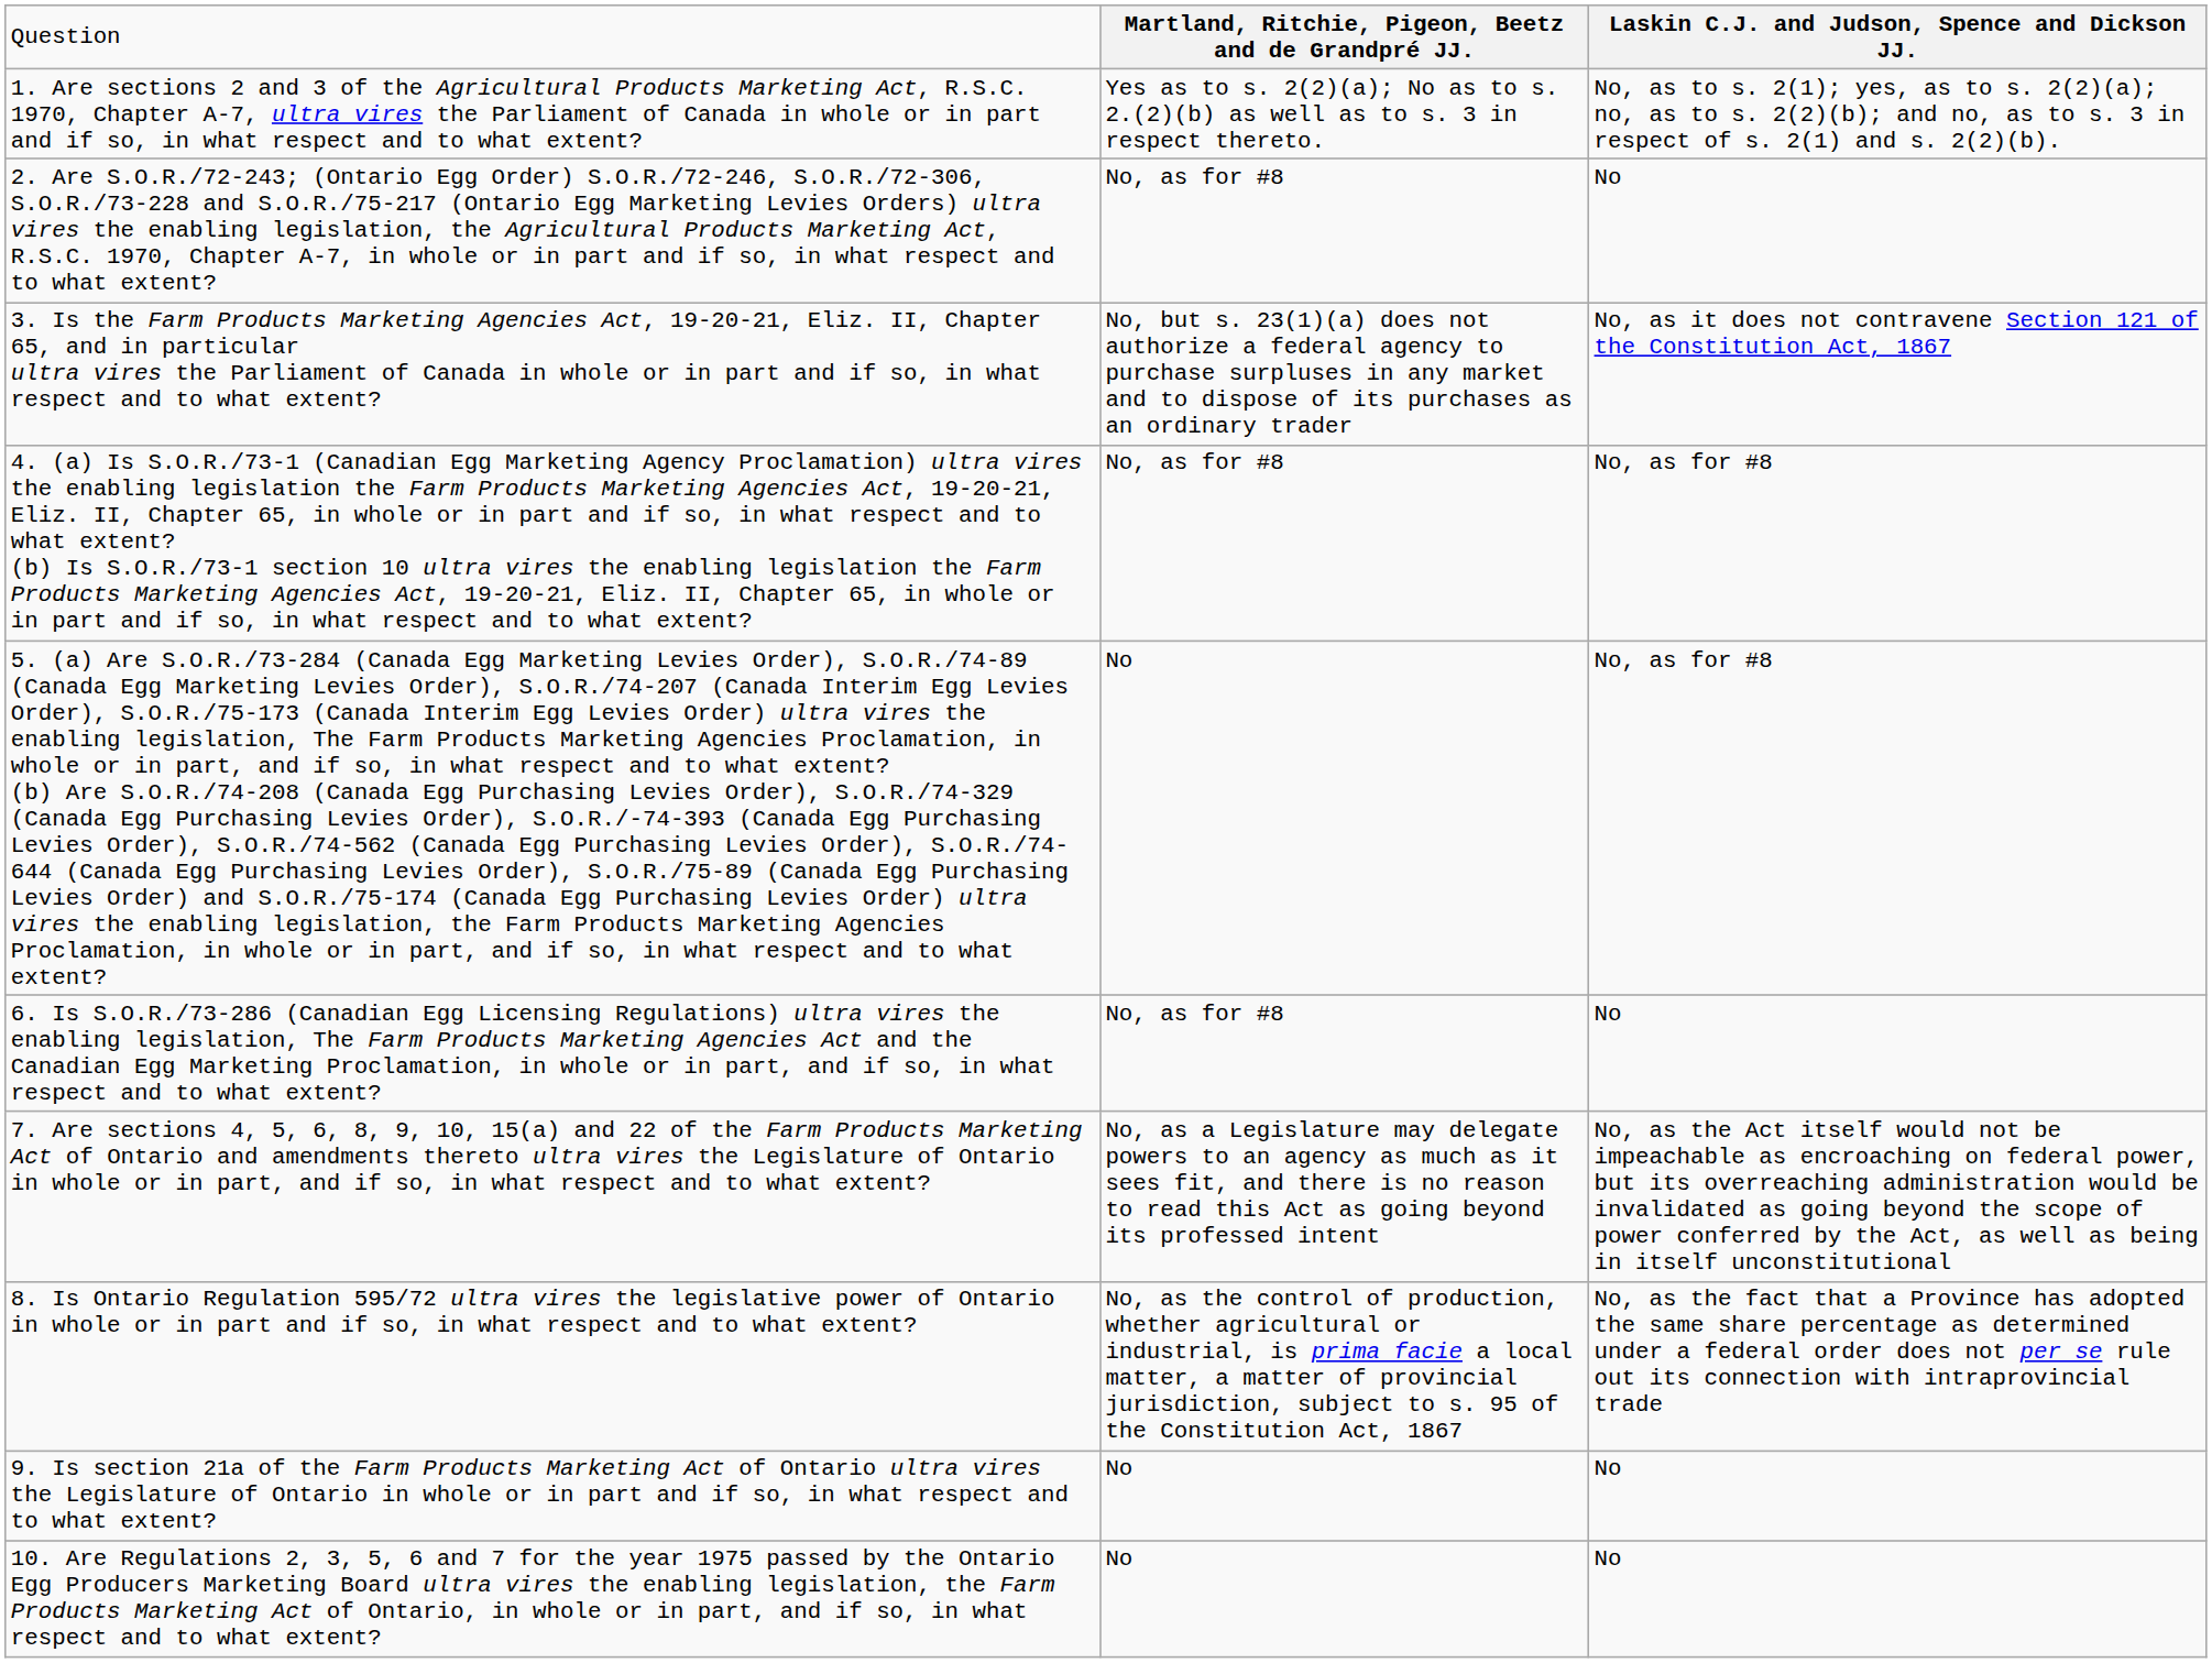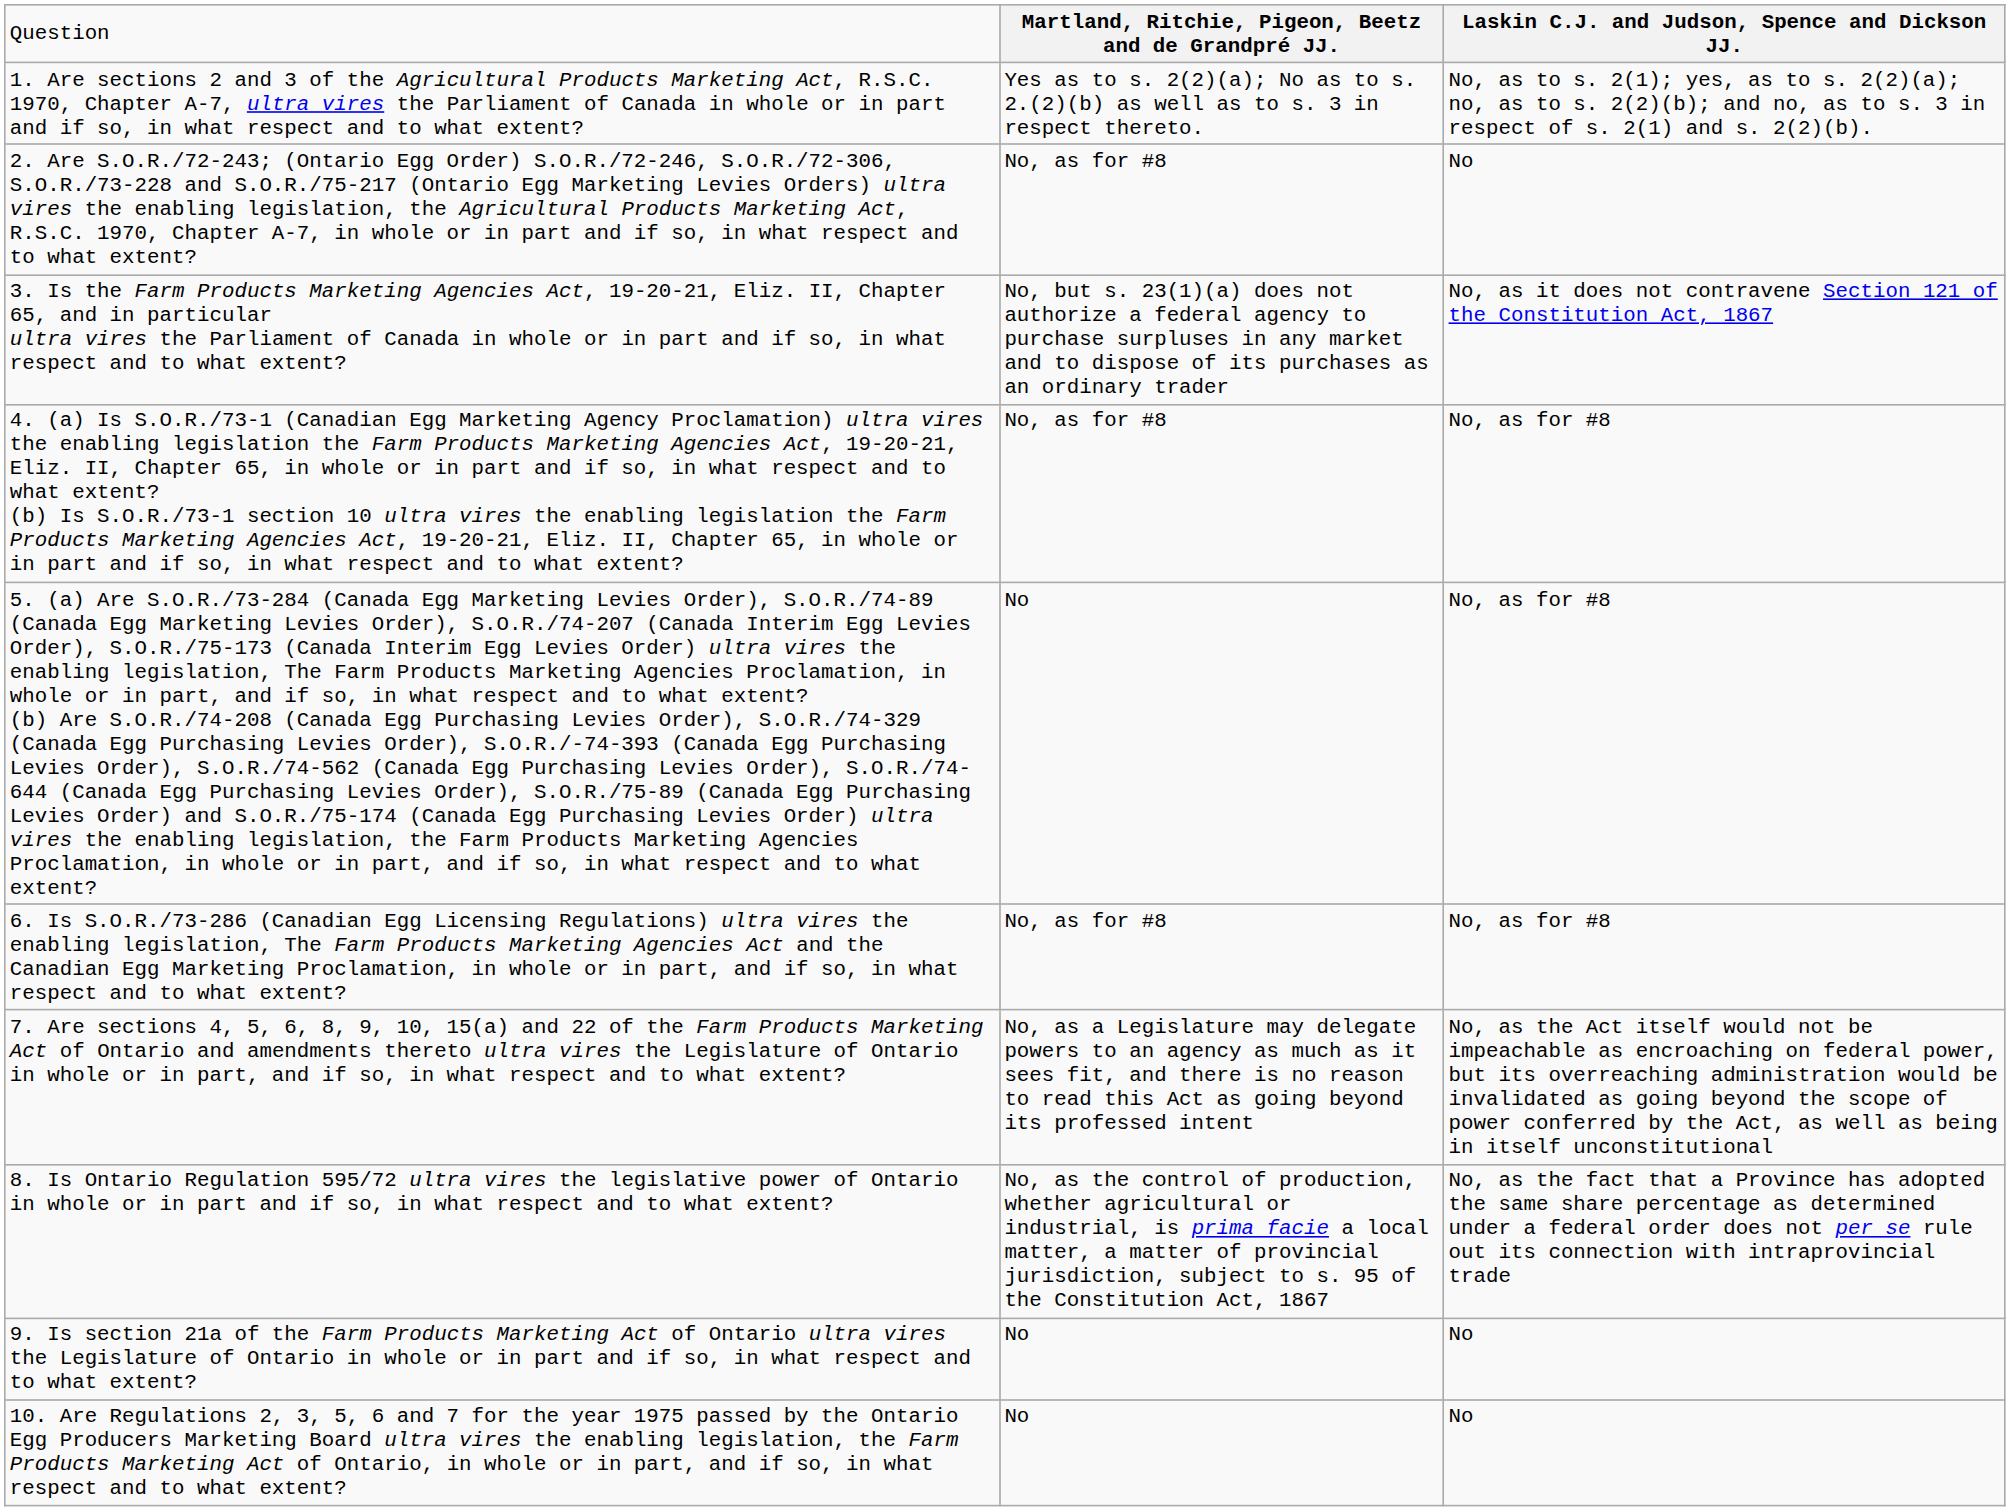 <table class="wikitable">
 <tr>
 <td>Question</td>
 <th>Martland, Ritchie, Pigeon, Beetz and de Grandpré JJ.</th>
 <th>Laskin C.J. and Judson, Spence and Dickson JJ.</th>
 </tr>
 <tr valign="top">
 <td>1. Are sections 2 and 3 of the <em>Agricultural Products Marketing Act</em>, R.S.C. 1970, Chapter A-7, <em><a href='#'>ultra vires</a></em> the Parliament of Canada in whole or in part and if so, in what respect and to what extent?</td>
 <td>Yes as to s. 2(2)(a); No as to s. 2.(2)(b) as well as to s. 3 in respect thereto.</td>
 <td>No, as to s. 2(1); yes, as to s. 2(2)(a); no, as to s. 2(2)(b); and no, as to s. 3 in respect of s. 2(1) and s. 2(2)(b).</td>
 </tr>
 <tr valign="top">
 <td>2. Are S.O.R./72-243; (Ontario Egg Order) S.O.R./72-246, S.O.R./72-306, S.O.R./73-228 and S.O.R./75-217 (Ontario Egg Marketing Levies Orders) <em>ultra vires</em> the enabling legislation, the <em>Agricultural Products Marketing Act</em>, R.S.C. 1970, Chapter A‑7, in whole or in part and if so, in what respect and to what extent?</td>
 <td>No, as for #8</td>
 <td>No</td>
 </tr>
 <tr valign="top">
 <td>3. Is the <em>Farm Products Marketing Agencies Act</em>, 19-20-21, Eliz. II, Chapter 65, and in particular<br><em>ultra vires</em> the Parliament of Canada in whole or in part and if so, in what respect and to what extent?</td>
 <td>No, but s. 23(1)(a) does not authorize a federal agency to purchase surpluses in any market and to dispose of its purchases as an ordinary trader</td>
 <td>No, as it does not contravene <a href='#'>Section 121 of the Constitution Act, 1867</a></td>
 </tr>
 <tr valign="top">
 <td>4. (a) Is S.O.R./73-1 (Canadian Egg Marketing Agency Proclamation) <em>ultra vires</em> the enabling legislation the <em>Farm Products Marketing Agencies Act</em>, 19‑20-21, Eliz. II, Chapter 65, in whole or in part and if so, in what respect and to what extent?<br>(b) Is S.O.R./73-1 section 10 <em>ultra vires</em> the enabling legislation the <em>Farm Products Marketing Agencies Act</em>, 19‑20-21, Eliz. II, Chapter 65, in whole or in part and if so, in what respect and to what extent?</td>
 <td>No, as for #8</td>
 <td>No, as for #8</td>
 </tr>
 <tr valign="top">
 <td>5. (a) Are S.O.R./73-284 (Canada Egg Marketing Levies Order), S.O.R./74-89 (Canada Egg Marketing Levies Order), S.O.R./74-207 (Canada Interim Egg Levies Order), S.O.R./75-173 (Canada Interim Egg Levies Order) <em>ultra vires</em> the enabling legislation, The Farm Products Marketing Agencies Proclamation, in whole or in part, and if so, in what respect and to what extent?<br>(b) Are S.O.R./74-208 (Canada Egg Purchasing Levies Order), S.O.R./74‑329 (Canada Egg Purchasing Levies Order), S.O.R./-74-393 (Canada Egg Purchasing Levies Order), S.O.R./74-562 (Canada Egg Purchasing Levies Order), S.O.R./74-644 (Canada Egg Purchasing Levies Order), S.O.R./75-89 (Canada Egg Purchasing Levies Order) and S.O.R./75-174 (Canada Egg Purchasing Levies Order) <em>ultra vires</em> the enabling legislation, the Farm Products Marketing Agencies Proclamation, in whole or in part, and if so, in what respect and to what extent?</td>
 <td>No</td>
 <td>No, as for #8</td>
 </tr>
 <tr valign="top">
 <td>6. Is S.O.R./73-286 (Canadian Egg Licensing Regulations) <em>ultra vires</em> the enabling legislation, The <em>Farm Products Marketing Agencies Act</em> and the Canadian Egg Marketing Proclamation, in whole or in part, and if so, in what respect and to what extent?</td>
 <td>No, as for #8</td>
-<td>No</td>
+<td>No, as for #8</td>
 </tr>
 <tr valign="top">
 <td>7. Are sections 4, 5, 6, 8, 9, 10, 15(a) and 22 of the <em>Farm Products Marketing Act</em> of Ontario and amendments thereto <em>ultra vires</em> the Legislature of Ontario in whole or in part, and if so, in what respect and to what extent?</td>
 <td>No, as a Legislature may delegate powers to an agency as much as it sees fit, and there is no reason to read this Act as going beyond its professed intent</td>
 <td>No, as the Act itself would not be impeachable as encroaching on federal power, but its overreaching administration would be invalidated as going beyond the scope of power conferred by the Act, as well as being in itself unconstitutional</td>
 </tr>
 <tr valign="top">
 <td>8. Is Ontario Regulation 595/72 <em>ultra vires</em> the legislative power of Ontario in whole or in part and if so, in what respect and to what extent?</td>
 <td>No, as the control of production, whether agricultural or industrial, is <em><a href='#'>prima facie</a></em> a local matter, a matter of provincial jurisdiction, subject to s. 95 of the Constitution Act, 1867</td>
 <td>No, as the fact that a Province has adopted the same share percentage as determined under a federal order does not <em><a href='#'>per se</a></em> rule out its connection with intraprovincial trade</td>
 </tr>
 <tr valign="top">
 <td>9. Is section 21a of the <em>Farm Products Marketing Act</em> of Ontario <em>ultra vires</em> the Legislature of Ontario in whole or in part and if so, in what respect and to what extent?</td>
 <td>No</td>
 <td>No</td>
 </tr>
 <tr valign="top">
 <td>10. Are Regulations 2, 3, 5, 6 and 7 for the year 1975 passed by the Ontario Egg Producers Marketing Board <em>ultra vires</em> the enabling legislation, the <em>Farm Products Marketing Act</em> of Ontario, in whole or in part, and if so, in what respect and to what extent?</td>
 <td>No</td>
 <td>No</td>
 </tr>
 </table>
